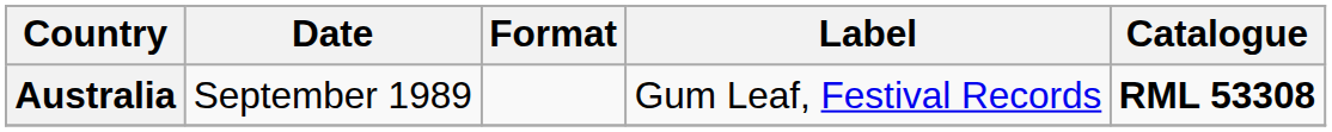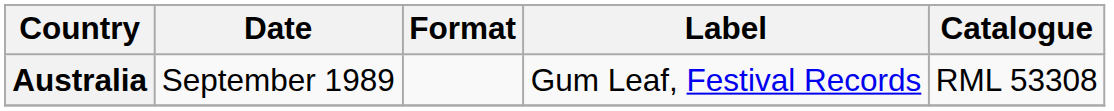 <table class="wikitable plainrowheaders">
 <tr>
 <th scope="col">Country</th>
 <th scope="col">Date</th>
 <th scope="col">Format</th>
 <th scope="col">Label</th>
 <th scope="col">Catalogue</th>
 </tr>
 <tr>
 <th scope="row">Australia</th>
 <td>September 1989</td>
 <td></td>
 <td>Gum Leaf, <a href='#'>Festival Records</a></td>
-<td><strong>RML 53308</strong></td>
+<td>RML 53308</td>
 </tr>
 <tr>
 </tr>
 </table>
